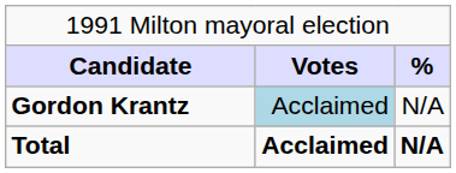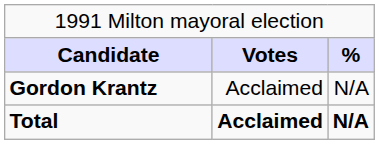 <table class="wikitable sortable">
 <tr>
 <td colspan="3" style="text-align:center;">1991 Milton mayoral election</td>
 </tr>
 <tr>
 <th style="background:#ddf; width:150px;">Candidate</th>
 <th style="background:#ddf;">Votes</th>
 <th style="background:#ddf;">%</th>
 </tr>
 <tr>
 <td><strong>Gordon Krantz</strong></td>
-<td align=right style="background: lightblue;">Acclaimed</td>
+<td align=right>Acclaimed</td>
 <td align=right>N/A</td>
 </tr>
 <tr>
 <td><strong>Total</strong></td>
 <td align=right><strong>Acclaimed</strong></td>
 <td align=right><strong>N/A</strong></td>
 </tr>
 </table>
